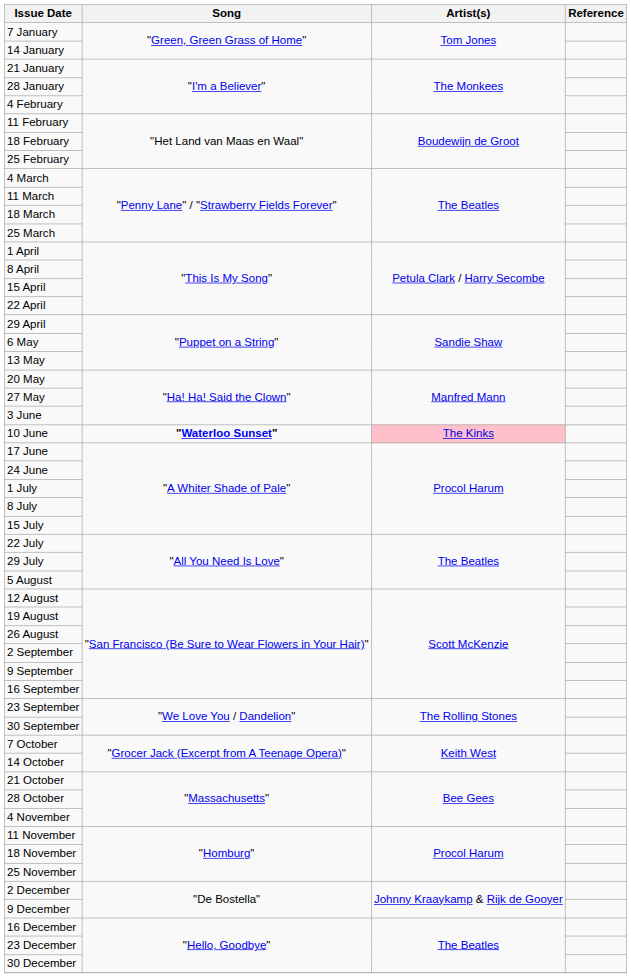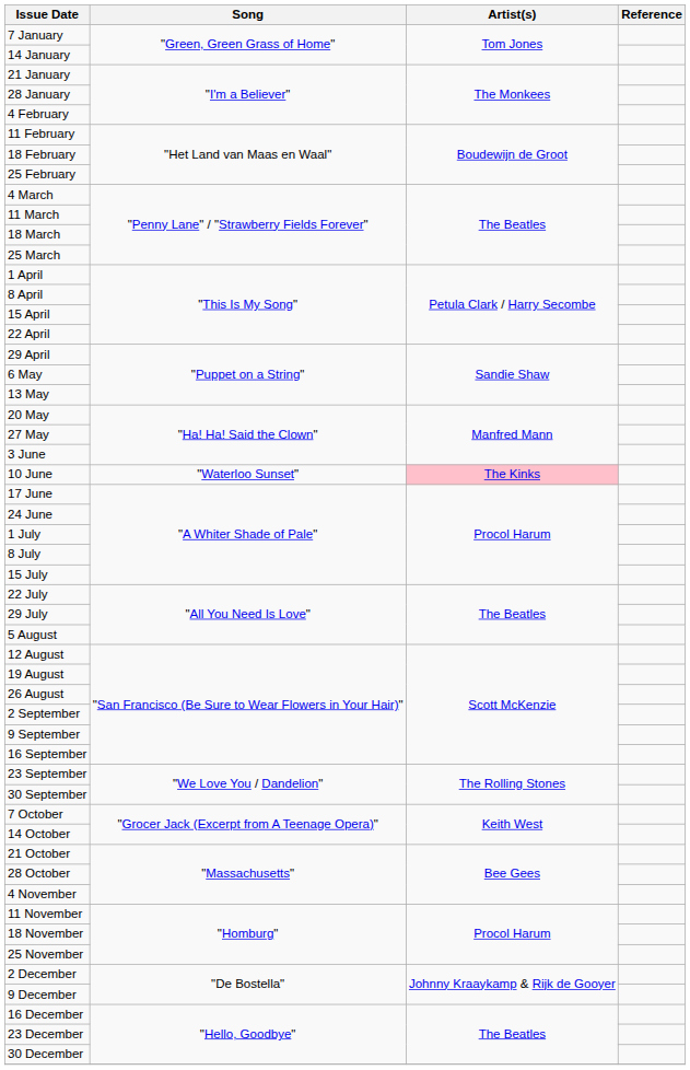 <table class="wikitable">
 <tr>
 <th align="center">Issue Date</th>
 <th align="center">Song</th>
 <th align="center">Artist(s)</th>
 <th align="center">Reference</th>
 </tr>
 <tr>
 <td>7 January</td>
 <td align="center" rowspan="2">"<a href='#'>Green, Green Grass of Home</a>"</td>
 <td align="center" rowspan="2"><a href='#'>Tom Jones</a></td>
 <td align="center"></td>
 </tr>
 <tr>
 <td>14 January</td>
 <td align="center"></td>
 </tr>
 <tr>
 <td>21 January</td>
 <td align="center" rowspan="3">"<a href='#'>I'm a Believer</a>"</td>
 <td align="center" rowspan="3"><a href='#'>The Monkees</a></td>
 <td align="center"></td>
 </tr>
 <tr>
 <td>28 January</td>
 <td align="center"></td>
 </tr>
 <tr>
 <td>4 February</td>
 <td align="center"></td>
 </tr>
 <tr>
 <td>11 February</td>
 <td align="center" rowspan="3">"Het Land van Maas en Waal"</td>
 <td align="center" rowspan="3"><a href='#'>Boudewijn de Groot</a></td>
 <td align="center"></td>
 </tr>
 <tr>
 <td>18 February</td>
 <td align="center"></td>
 </tr>
 <tr>
 <td>25 February</td>
 <td align="center"></td>
 </tr>
 <tr>
 <td>4 March</td>
 <td align="center" rowspan="4">"<a href='#'>Penny Lane</a>" / "<a href='#'>Strawberry Fields Forever</a>"</td>
 <td align="center" rowspan="4"><a href='#'>The Beatles</a></td>
 <td align="center"></td>
 </tr>
 <tr>
 <td>11 March</td>
 <td align="center"></td>
 </tr>
 <tr>
 <td>18 March</td>
 <td align="center"></td>
 </tr>
 <tr>
 <td>25 March</td>
 <td align="center"></td>
 </tr>
 <tr>
 <td>1 April</td>
 <td align="center" rowspan="4">"<a href='#'>This Is My Song</a>"</td>
 <td align="center" rowspan="4"><a href='#'>Petula Clark</a> / <a href='#'>Harry Secombe</a></td>
 <td align="center"></td>
 </tr>
 <tr>
 <td>8 April</td>
 <td align="center"></td>
 </tr>
 <tr>
 <td>15 April</td>
 <td align="center"></td>
 </tr>
 <tr>
 <td>22 April</td>
 <td align="center"></td>
 </tr>
 <tr>
 <td>29 April</td>
 <td align="center" rowspan="3">"<a href='#'>Puppet on a String</a>"</td>
 <td align="center" rowspan="3"><a href='#'>Sandie Shaw</a></td>
 <td align="center"></td>
 </tr>
 <tr>
 <td>6 May</td>
 <td align="center"></td>
 </tr>
 <tr>
 <td>13 May</td>
 <td align="center"></td>
 </tr>
 <tr>
 <td>20 May</td>
 <td align="center" rowspan="3">"<a href='#'>Ha! Ha! Said the Clown</a>"</td>
 <td align="center" rowspan="3"><a href='#'>Manfred Mann</a></td>
 <td align="center"></td>
 </tr>
 <tr>
 <td>27 May</td>
 <td align="center"></td>
 </tr>
 <tr>
 <td>3 June</td>
 <td align="center"></td>
 </tr>
 <tr>
 <td>10 June</td>
-<td align="center"><strong>"<a href='#'>Waterloo Sunset</a>"</strong></td>
+<td align="center">"<a href='#'>Waterloo Sunset</a>"</td>
 <td align="center" style="background: pink;"><a href='#'>The Kinks</a></td>
 <td align="center"></td>
 </tr>
 <tr>
 <td>17 June</td>
 <td align="center" rowspan="5">"<a href='#'>A Whiter Shade of Pale</a>"</td>
 <td align="center" rowspan="5"><a href='#'>Procol Harum</a></td>
 <td align="center"></td>
 </tr>
 <tr>
 <td>24 June</td>
 <td align="center"></td>
 </tr>
 <tr>
 <td>1 July</td>
 <td align="center"></td>
 </tr>
 <tr>
 <td>8 July</td>
 <td align="center"></td>
 </tr>
 <tr>
 <td>15 July</td>
 <td align="center"></td>
 </tr>
 <tr>
 <td>22 July</td>
 <td align="center" rowspan="3">"<a href='#'>All You Need Is Love</a>"</td>
 <td align="center" rowspan="3"><a href='#'>The Beatles</a></td>
 <td align="center"></td>
 </tr>
 <tr>
 <td>29 July</td>
 <td align="center"></td>
 </tr>
 <tr>
 <td>5 August</td>
 <td align="center"></td>
 </tr>
 <tr>
 <td>12 August</td>
 <td align="center" rowspan="6">"<a href='#'>San Francisco (Be Sure to Wear Flowers in Your Hair)</a>"</td>
 <td align="center" rowspan="6"><a href='#'>Scott McKenzie</a></td>
 <td align="center"></td>
 </tr>
 <tr>
 <td>19 August</td>
 <td align="center"></td>
 </tr>
 <tr>
 <td>26 August</td>
 <td align="center"></td>
 </tr>
 <tr>
 <td>2 September</td>
 <td align="center"></td>
 </tr>
 <tr>
 <td>9 September</td>
 <td align="center"></td>
 </tr>
 <tr>
 <td>16 September</td>
 <td align="center"></td>
 </tr>
 <tr>
 <td>23 September</td>
 <td align="center" rowspan="2">"<a href='#'>We Love You</a> / <a href='#'>Dandelion</a>"</td>
 <td align="center" rowspan="2"><a href='#'>The Rolling Stones</a></td>
 <td align="center"></td>
 </tr>
 <tr>
 <td>30 September</td>
 <td align="center"></td>
 </tr>
 <tr>
 <td>7 October</td>
 <td align="center" rowspan="2">"<a href='#'>Grocer Jack (Excerpt from A Teenage Opera)</a>"</td>
 <td align="center" rowspan="2"><a href='#'>Keith West</a></td>
 <td align="center"></td>
 </tr>
 <tr>
 <td>14 October</td>
 <td align="center"></td>
 </tr>
 <tr>
 <td>21 October</td>
 <td align="center" rowspan="3">"<a href='#'>Massachusetts</a>"</td>
 <td align="center" rowspan="3"><a href='#'>Bee Gees</a></td>
 <td align="center"></td>
 </tr>
 <tr>
 <td>28 October</td>
 <td align="center"></td>
 </tr>
 <tr>
 <td>4 November</td>
 <td align="center"></td>
 </tr>
 <tr>
 <td>11 November</td>
 <td align="center" rowspan="3">"<a href='#'>Homburg</a>"</td>
 <td align="center" rowspan="3"><a href='#'>Procol Harum</a></td>
 <td align="center"></td>
 </tr>
 <tr>
 <td>18 November</td>
 <td align="center"></td>
 </tr>
 <tr>
 <td>25 November</td>
 <td align="center"></td>
 </tr>
 <tr>
 <td>2 December</td>
 <td align="center" rowspan="2">"De Bostella"</td>
 <td align="center" rowspan="2"><a href='#'>Johnny Kraaykamp</a> & <a href='#'>Rijk de Gooyer</a></td>
 <td align="center"></td>
 </tr>
 <tr>
 <td>9 December</td>
 <td align="center"></td>
 </tr>
 <tr>
 <td>16 December</td>
 <td align="center" rowspan="3">"<a href='#'>Hello, Goodbye</a>"</td>
 <td align="center" rowspan="3"><a href='#'>The Beatles</a></td>
 <td align="center"></td>
 </tr>
 <tr>
 <td>23 December</td>
 <td align="center"></td>
 </tr>
 <tr>
 <td>30 December</td>
 <td align="center"></td>
 </tr>
 <tr>
 </tr>
 </table>
